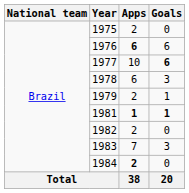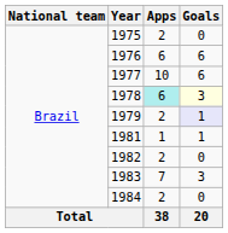 <table class="wikitable" style="text-align:center">
 <tr>
 <th>National team</th>
 <th>Year</th>
 <th>Apps</th>
 <th>Goals</th>
 </tr>
 <tr>
 <td rowspan="9"><a href='#'>Brazil</a></td>
 <td>1975</td>
 <td>2</td>
 <td>0</td>
 </tr>
 <tr>
 <td>1976</td>
-<td><strong>6</strong></td>
+<td>6</td>
 <td>6</td>
 </tr>
 <tr>
 <td>1977</td>
 <td>10</td>
-<td><strong>6</strong></td>
+<td>6</td>
 </tr>
 <tr>
 <td>1978</td>
-<td>6</td>
-<td>3</td>
+<td style="background: paleturquoise;">6</td>
+<td style="background: lightyellow;">3</td>
 </tr>
 <tr>
 <td>1979</td>
 <td>2</td>
-<td>1</td>
+<td style="background: lavender;">1</td>
 </tr>
 <tr>
 <td>1981</td>
-<td><strong>1</strong></td>
-<td><strong>1</strong></td>
+<td>1</td>
+<td>1</td>
 </tr>
 <tr>
 <td>1982</td>
 <td>2</td>
 <td>0</td>
 </tr>
 <tr>
 <td>1983</td>
 <td>7</td>
 <td>3</td>
 </tr>
 <tr>
 <td>1984</td>
-<td><strong>2</strong></td>
+<td>2</td>
 <td>0</td>
 </tr>
 <tr>
 <th colspan="2">Total</th>
 <th>38</th>
 <th>20</th>
 </tr>
 </table>
